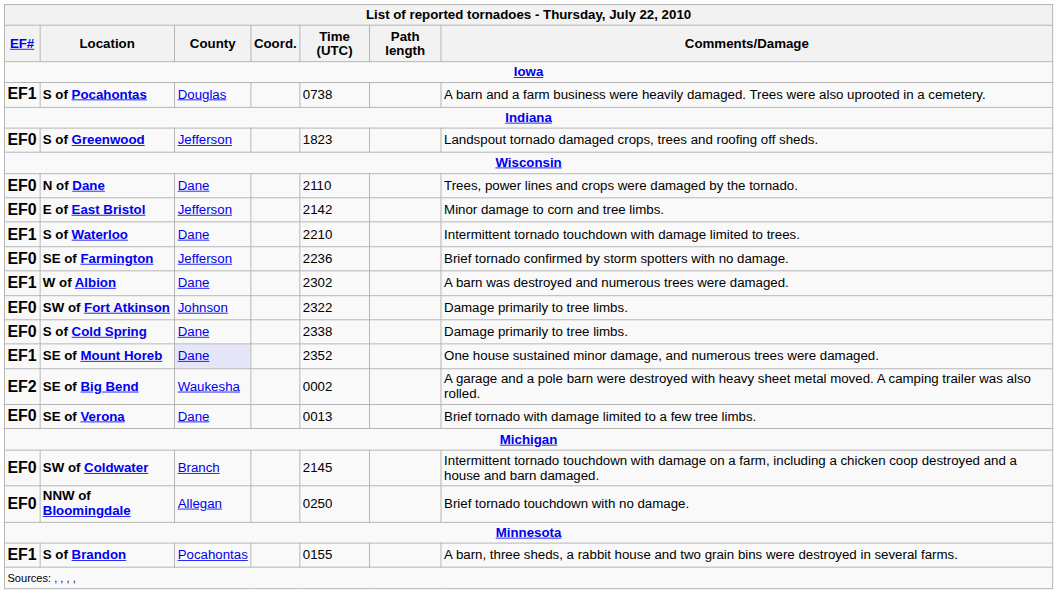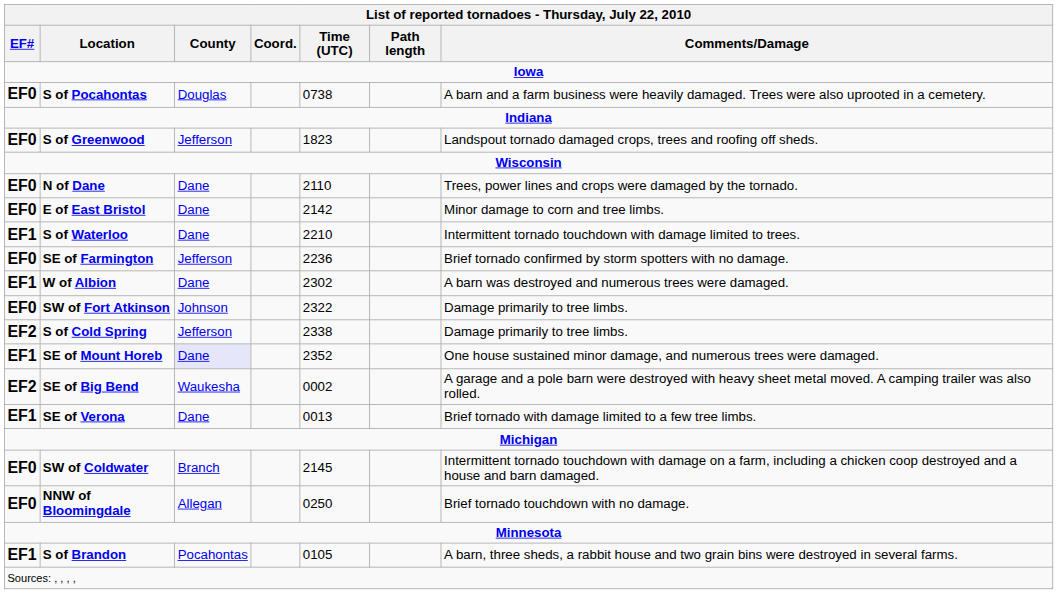 <table class="wikitable collapsible" style="width:100%;">
 <tr>
 <th colspan="7">List of reported tornadoes - Thursday, July 22, 2010</th>
 </tr>
 <tr>
 <th><a href='#'>EF#</a></th>
 <th>Location</th>
 <th>County</th>
 <th>Coord.</th>
 <th>Time (UTC)</th>
 <th>Path length</th>
 <th>Comments/Damage</th>
 </tr>
 <tr>
 <td colspan="7" style="text-align:center;"><strong><a href='#'>Iowa</a></strong></td>
 </tr>
 <tr>
-<td><big><strong>EF1</strong></big></td>
+<td><big><strong>EF0</strong></big></td>
 <td><strong>S of <a href='#'>Pocahontas</a></strong></td>
 <td><a href='#'>Douglas</a></td>
 <td></td>
 <td>0738</td>
 <td></td>
 <td>A barn and a farm business were heavily damaged. Trees were also uprooted in a cemetery.</td>
 </tr>
 <tr>
 <td colspan="7" style="text-align:center;"><strong><a href='#'>Indiana</a></strong></td>
 </tr>
 <tr>
 <td><big><strong>EF0</strong></big></td>
 <td><strong>S of <a href='#'>Greenwood</a></strong></td>
 <td><a href='#'>Jefferson</a></td>
 <td></td>
 <td>1823</td>
 <td></td>
 <td>Landspout tornado damaged crops, trees and roofing off sheds.</td>
 </tr>
 <tr>
 <td colspan="7" style="text-align:center;"><strong><a href='#'>Wisconsin</a></strong></td>
 </tr>
 <tr>
 <td><big><strong>EF0</strong></big></td>
 <td><strong>N of <a href='#'>Dane</a></strong></td>
 <td><a href='#'>Dane</a></td>
 <td></td>
 <td>2110</td>
 <td></td>
 <td>Trees, power lines and crops were damaged by the tornado.</td>
 </tr>
 <tr>
 <td><big><strong>EF0</strong></big></td>
 <td><strong>E of <a href='#'>East Bristol</a></strong></td>
-<td><a href='#'>Jefferson</a></td>
+<td><a href='#'>Dane</a></td>
 <td></td>
 <td>2142</td>
 <td></td>
 <td>Minor damage to corn and tree limbs.</td>
 </tr>
 <tr>
 <td><big><strong>EF1</strong></big></td>
 <td><strong>S of <a href='#'>Waterloo</a></strong></td>
 <td><a href='#'>Dane</a></td>
 <td></td>
 <td>2210</td>
 <td></td>
 <td>Intermittent tornado touchdown with damage limited to trees.</td>
 </tr>
 <tr>
 <td><big><strong>EF0</strong></big></td>
 <td><strong>SE of <a href='#'>Farmington</a></strong></td>
 <td><a href='#'>Jefferson</a></td>
 <td></td>
 <td>2236</td>
 <td></td>
 <td>Brief tornado confirmed by storm spotters with no damage.</td>
 </tr>
 <tr>
 <td><big><strong>EF1</strong></big></td>
 <td><strong>W of <a href='#'>Albion</a></strong></td>
 <td><a href='#'>Dane</a></td>
 <td></td>
 <td>2302</td>
 <td></td>
 <td>A barn was destroyed and numerous trees were damaged.</td>
 </tr>
 <tr>
 <td><big><strong>EF0</strong></big></td>
 <td><strong>SW of <a href='#'>Fort Atkinson</a></strong></td>
 <td><a href='#'>Johnson</a></td>
 <td></td>
 <td>2322</td>
 <td></td>
 <td>Damage primarily to tree limbs.</td>
 </tr>
 <tr>
-<td><big><strong>EF0</strong></big></td>
+<td><big><strong>EF2</strong></big></td>
 <td><strong>S of <a href='#'>Cold Spring</a></strong></td>
-<td><a href='#'>Dane</a></td>
+<td><a href='#'>Jefferson</a></td>
 <td></td>
 <td>2338</td>
 <td></td>
 <td>Damage primarily to tree limbs.</td>
 </tr>
 <tr>
 <td><big><strong>EF1</strong></big></td>
 <td><strong>SE of <a href='#'>Mount Horeb</a></strong></td>
 <td style="background: lavender;"><a href='#'>Dane</a></td>
 <td></td>
 <td>2352</td>
 <td></td>
 <td>One house sustained minor damage, and numerous trees were damaged.</td>
 </tr>
 <tr>
 <td><big><strong>EF2</strong></big></td>
 <td><strong>SE of <a href='#'>Big Bend</a></strong></td>
 <td><a href='#'>Waukesha</a></td>
 <td></td>
 <td>0002</td>
 <td></td>
 <td>A garage and a pole barn were destroyed with heavy sheet metal moved. A camping trailer was also rolled.</td>
 </tr>
 <tr>
-<td><big><strong>EF0</strong></big></td>
+<td><big><strong>EF1</strong></big></td>
 <td><strong>SE of <a href='#'>Verona</a></strong></td>
 <td><a href='#'>Dane</a></td>
 <td></td>
 <td>0013</td>
 <td></td>
 <td>Brief tornado with damage limited to a few tree limbs.</td>
 </tr>
 <tr>
 <td colspan="7" style="text-align:center;"><strong><a href='#'>Michigan</a></strong></td>
 </tr>
 <tr>
 <td><big><strong>EF0</strong></big></td>
 <td><strong>SW of <a href='#'>Coldwater</a></strong></td>
 <td><a href='#'>Branch</a></td>
 <td></td>
 <td>2145</td>
 <td></td>
 <td>Intermittent tornado touchdown with damage on a farm, including a chicken coop destroyed and a house and barn damaged.</td>
 </tr>
 <tr>
 <td><big><strong>EF0</strong></big></td>
 <td><strong>NNW of <a href='#'>Bloomingdale</a></strong></td>
 <td><a href='#'>Allegan</a></td>
 <td></td>
 <td>0250</td>
 <td></td>
 <td>Brief tornado touchdown with no damage.</td>
 </tr>
 <tr>
 <td colspan="7" style="text-align:center;"><strong><a href='#'>Minnesota</a></strong></td>
 </tr>
 <tr>
 <td><big><strong>EF1</strong></big></td>
 <td><strong>S of <a href='#'>Brandon</a></strong></td>
 <td><a href='#'>Pocahontas</a></td>
 <td></td>
-<td>0155</td>
+<td>0105</td>
 <td></td>
 <td>A barn, three sheds, a rabbit house and two grain bins were destroyed in several farms.</td>
 </tr>
 <tr>
 <td colspan="7"><small>Sources: , , , , </small></td>
 </tr>
 </table>
